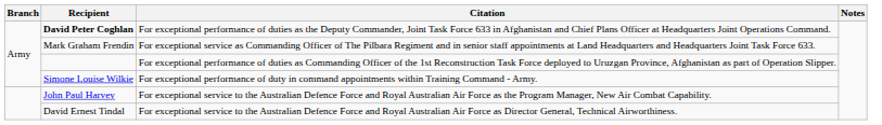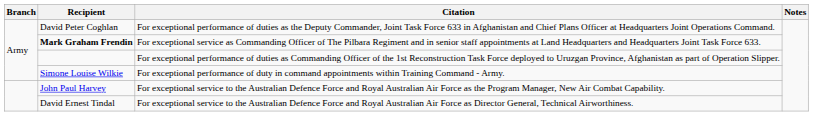 <table class="wikitable" style="font-size:95%;">
 <tr>
 <th>Branch</th>
 <th>Recipient</th>
 <th>Citation</th>
 <th>Notes</th>
 </tr>
 <tr>
 <td rowspan=4>Army</td>
-<td><strong> David Peter Coghlan</strong></td>
+<td> David Peter Coghlan</td>
 <td>For exceptional performance of duties as the Deputy Commander, Joint Task Force 633 in Afghanistan and Chief Plans Officer at Headquarters Joint Operations Command.</td>
 <td rowspan=6></td>
 </tr>
 <tr>
-<td> Mark Graham Frendin</td>
+<td><strong> Mark Graham Frendin</strong></td>
 <td>For exceptional service as Commanding Officer of The Pilbara Regiment and in senior staff appointments at Land Headquarters and Headquarters Joint Task Force 633.</td>
 </tr>
 <tr>
 <td></td>
 <td>For exceptional performance of duties as Commanding Officer of the 1st Reconstruction Task Force deployed to Uruzgan Province, Afghanistan as part of Operation Slipper.</td>
 </tr>
 <tr>
 <td> <a href='#'>Simone Louise Wilkie</a></td>
 <td>For exceptional performance of duty in command appointments within Training Command - Army.</td>
 </tr>
 <tr>
 <td rowspan=2></td>
 <td> <a href='#'>John Paul Harvey</a></td>
 <td>For exceptional service to the Australian Defence Force and Royal Australian Air Force as the Program Manager, New Air Combat Capability.</td>
 </tr>
 <tr>
 <td> David Ernest Tindal</td>
 <td>For exceptional service to the Australian Defence Force and Royal Australian Air Force as Director General, Technical Airworthiness.</td>
 </tr>
 </table>
